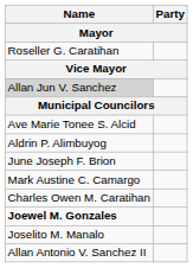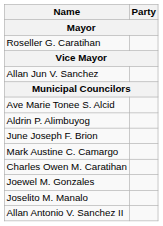 <table class=wikitable>
 <tr>
 <th>Name</th>
 <th colspan=2>Party</th>
 </tr>
 <tr>
 <th colspan=3>Mayor</th>
 </tr>
 <tr>
 <td>Roseller G. Caratihan</td>
 <td></td>
 </tr>
 <tr>
 <th colspan=3>Vice Mayor</th>
 </tr>
 <tr>
-<td style="background: lightgrey;">Allan Jun V. Sanchez</td>
+<td>Allan Jun V. Sanchez</td>
 <td></td>
 </tr>
 <tr>
 <th colspan=3>Municipal Councilors</th>
 </tr>
 <tr>
 <td>Ave Marie Tonee S. Alcid</td>
 <td></td>
 </tr>
 <tr>
 <td>Aldrin P. Alimbuyog</td>
 <td></td>
 </tr>
 <tr>
 <td>June Joseph F. Brion</td>
 <td></td>
 </tr>
 <tr>
 <td>Mark Austine C. Camargo</td>
 <td></td>
 </tr>
 <tr>
 <td>Charles Owen M. Caratihan</td>
 <td></td>
 </tr>
 <tr>
-<td><strong>Joewel M. Gonzales</strong></td>
+<td>Joewel M. Gonzales</td>
 <td></td>
 </tr>
 <tr>
 <td>Joselito M. Manalo</td>
 <td></td>
 </tr>
 <tr>
 <td>Allan Antonio V. Sanchez II</td>
 <td></td>
 </tr>
 </table>
